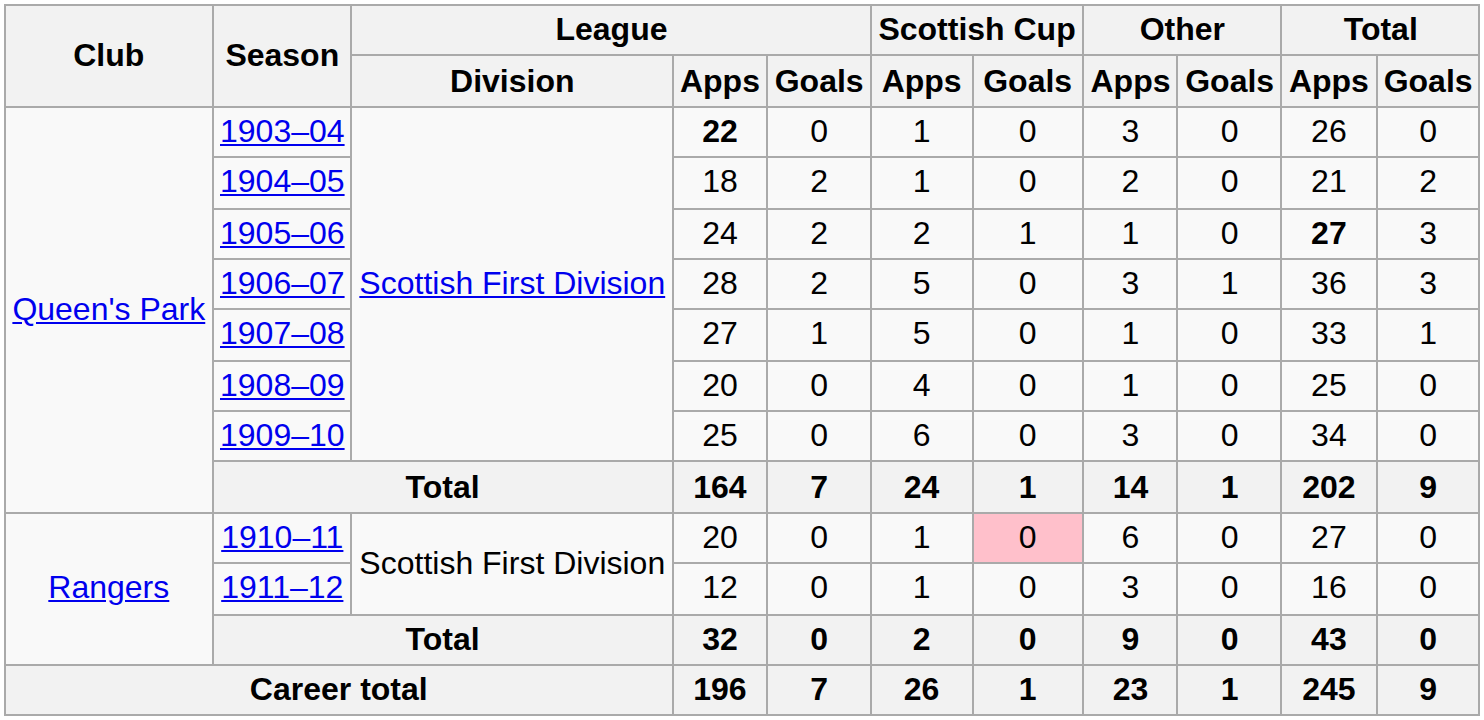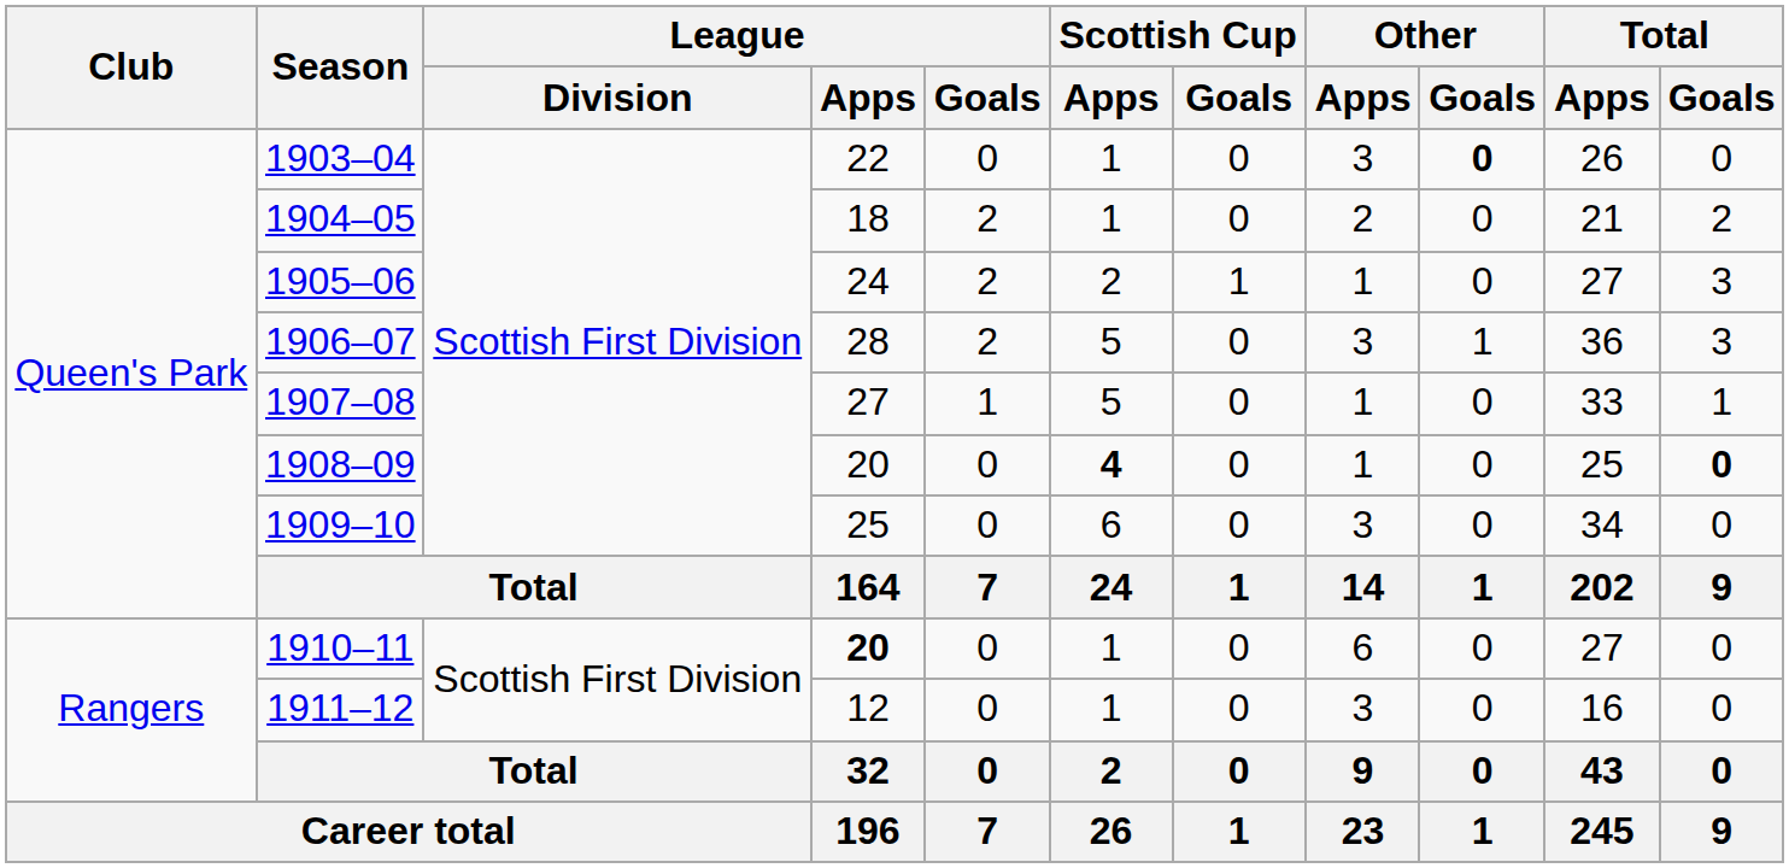 <table class="wikitable" style="text-align: center">
 <tr>
 <th rowspan="2">Club</th>
 <th rowspan="2">Season</th>
 <th colspan="3">League</th>
 <th colspan="2">Scottish Cup</th>
 <th colspan="2">Other</th>
 <th colspan="2">Total</th>
 </tr>
 <tr>
 <th>Division</th>
 <th>Apps</th>
 <th>Goals</th>
 <th>Apps</th>
 <th>Goals</th>
 <th>Apps</th>
 <th>Goals</th>
 <th>Apps</th>
 <th>Goals</th>
 </tr>
 <tr>
 <td rowspan="8"><a href='#'>Queen's Park</a></td>
 <td><a href='#'>1903–04</a></td>
 <td rowspan="7"><a href='#'>Scottish First Division</a></td>
-<td><strong>22</strong></td>
+<td>22</td>
 <td>0</td>
 <td>1</td>
 <td>0</td>
 <td>3</td>
-<td>0</td>
+<td><strong>0</strong></td>
 <td>26</td>
 <td>0</td>
 </tr>
 <tr>
 <td><a href='#'>1904–05</a></td>
 <td>18</td>
 <td>2</td>
 <td>1</td>
 <td>0</td>
 <td>2</td>
 <td>0</td>
 <td>21</td>
 <td>2</td>
 </tr>
 <tr>
 <td><a href='#'>1905–06</a></td>
 <td>24</td>
 <td>2</td>
 <td>2</td>
 <td>1</td>
 <td>1</td>
 <td>0</td>
-<td><strong>27</strong></td>
+<td>27</td>
 <td>3</td>
 </tr>
 <tr>
 <td><a href='#'>1906–07</a></td>
 <td>28</td>
 <td>2</td>
 <td>5</td>
 <td>0</td>
 <td>3</td>
 <td>1</td>
 <td>36</td>
 <td>3</td>
 </tr>
 <tr>
 <td><a href='#'>1907–08</a></td>
 <td>27</td>
 <td>1</td>
 <td>5</td>
 <td>0</td>
 <td>1</td>
 <td>0</td>
 <td>33</td>
 <td>1</td>
 </tr>
 <tr>
 <td><a href='#'>1908–09</a></td>
 <td>20</td>
 <td>0</td>
-<td>4</td>
+<td><strong>4</strong></td>
 <td>0</td>
 <td>1</td>
 <td>0</td>
 <td>25</td>
-<td>0</td>
+<td><strong>0</strong></td>
 </tr>
 <tr>
 <td><a href='#'>1909–10</a></td>
 <td>25</td>
 <td>0</td>
 <td>6</td>
 <td>0</td>
 <td>3</td>
 <td>0</td>
 <td>34</td>
 <td>0</td>
 </tr>
 <tr>
 <th colspan="2">Total</th>
 <th>164</th>
 <th>7</th>
 <th>24</th>
 <th>1</th>
 <th>14</th>
 <th>1</th>
 <th>202</th>
 <th>9</th>
 </tr>
 <tr>
 <td rowspan="3"><a href='#'>Rangers</a></td>
 <td><a href='#'>1910–11</a></td>
 <td rowspan="2">Scottish First Division</td>
-<td>20</td>
+<td><strong>20</strong></td>
 <td>0</td>
 <td>1</td>
-<td style="background: pink;">0</td>
+<td>0</td>
 <td>6</td>
 <td>0</td>
 <td>27</td>
 <td>0</td>
 </tr>
 <tr>
 <td><a href='#'>1911–12</a></td>
 <td>12</td>
 <td>0</td>
 <td>1</td>
 <td>0</td>
 <td>3</td>
 <td>0</td>
 <td>16</td>
 <td>0</td>
 </tr>
 <tr>
 <th colspan="2">Total</th>
 <th>32</th>
 <th>0</th>
 <th>2</th>
 <th>0</th>
 <th>9</th>
 <th>0</th>
 <th>43</th>
 <th>0</th>
 </tr>
 <tr>
 <th colspan="3">Career total</th>
 <th>196</th>
 <th>7</th>
 <th>26</th>
 <th>1</th>
 <th>23</th>
 <th>1</th>
 <th>245</th>
 <th>9</th>
 </tr>
 </table>
